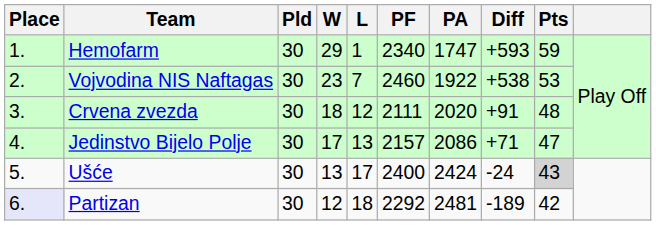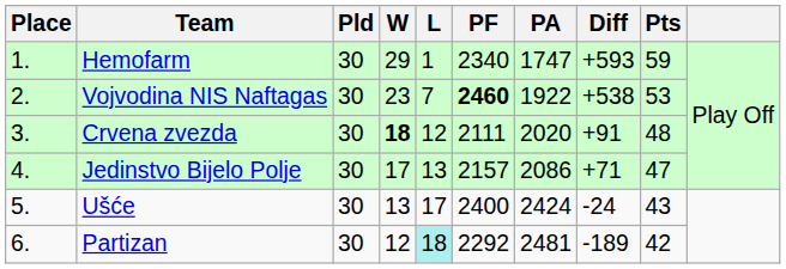 <table class="wikitable">
 <tr>
 <th>Place</th>
 <th>Team</th>
 <th>Pld</th>
 <th>W</th>
 <th>L</th>
 <th>PF</th>
 <th>PA</th>
 <th>Diff</th>
 <th>Pts</th>
 <th></th>
 </tr>
 <tr bgcolor=#ccffcc>
 <td>1.</td>
 <td><a href='#'>Hemofarm</a></td>
 <td>30</td>
 <td>29</td>
 <td>1</td>
 <td>2340</td>
 <td>1747</td>
 <td>+593</td>
 <td>59</td>
 <td rowspan="4">Play Off</td>
 </tr>
 <tr bgcolor=#ccffcc>
 <td>2.</td>
 <td><a href='#'>Vojvodina NIS Naftagas</a></td>
 <td>30</td>
 <td>23</td>
 <td>7</td>
-<td>2460</td>
+<td><strong>2460</strong></td>
 <td>1922</td>
 <td>+538</td>
 <td>53</td>
 </tr>
 <tr bgcolor=#ccffcc>
 <td>3.</td>
 <td><a href='#'>Crvena zvezda</a></td>
 <td>30</td>
-<td>18</td>
+<td><strong>18</strong></td>
 <td>12</td>
 <td>2111</td>
 <td>2020</td>
 <td>+91</td>
 <td>48</td>
 </tr>
 <tr bgcolor=#ccffcc>
 <td>4.</td>
 <td><a href='#'>Jedinstvo Bijelo Polje</a></td>
 <td>30</td>
 <td>17</td>
 <td>13</td>
 <td>2157</td>
 <td>2086</td>
 <td>+71</td>
 <td>47</td>
 </tr>
 <tr>
 <td>5.</td>
 <td><a href='#'>Ušće</a></td>
 <td>30</td>
 <td>13</td>
 <td>17</td>
 <td>2400</td>
 <td>2424</td>
 <td>-24</td>
-<td style="background: lightgrey;">43</td>
+<td>43</td>
 <td rowspan="2"></td>
 </tr>
 <tr>
-<td style="background: lavender;">6.</td>
+<td>6.</td>
 <td><a href='#'>Partizan</a></td>
 <td>30</td>
 <td>12</td>
-<td>18</td>
+<td style="background: paleturquoise;">18</td>
 <td>2292</td>
 <td>2481</td>
 <td>-189</td>
 <td>42</td>
 </tr>
 </table>
